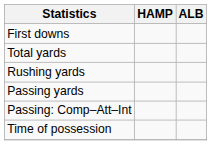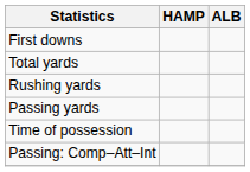 <table class="wikitable" style="float: left;">
 <tr>
 <th>Statistics</th>
 <th>HAMP</th>
 <th>ALB</th>
 </tr>
 <tr>
 <td>First downs</td>
 <td></td>
 <td></td>
 </tr>
 <tr>
 <td>Total yards</td>
 <td></td>
 <td></td>
 </tr>
 <tr>
 <td>Rushing yards</td>
 <td></td>
 <td></td>
 </tr>
 <tr>
 <td>Passing yards</td>
 <td></td>
 <td></td>
 </tr>
 <tr>
-<td>Passing: Comp–Att–Int</td>
+<td>Time of possession</td>
 <td></td>
 <td></td>
 </tr>
 <tr>
-<td>Time of possession</td>
+<td>Passing: Comp–Att–Int</td>
 <td></td>
 <td></td>
 </tr>
 <tr>
 </tr>
 </table>
